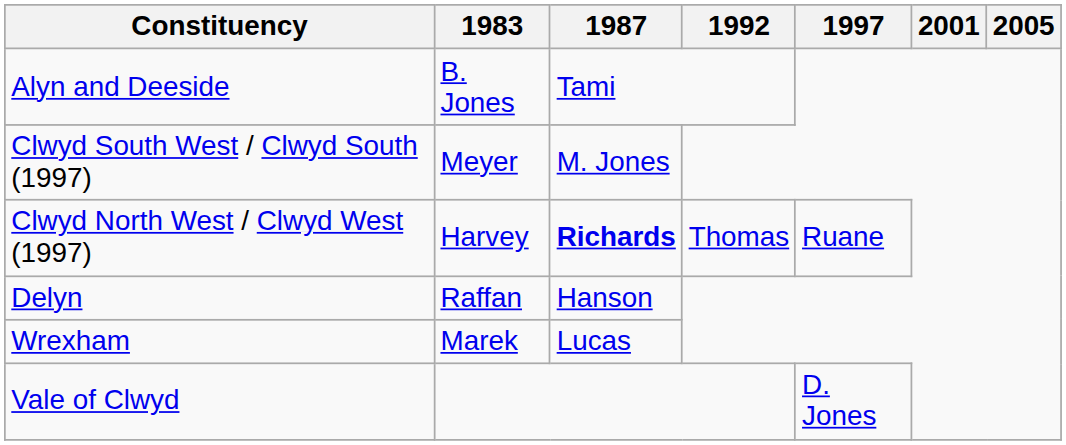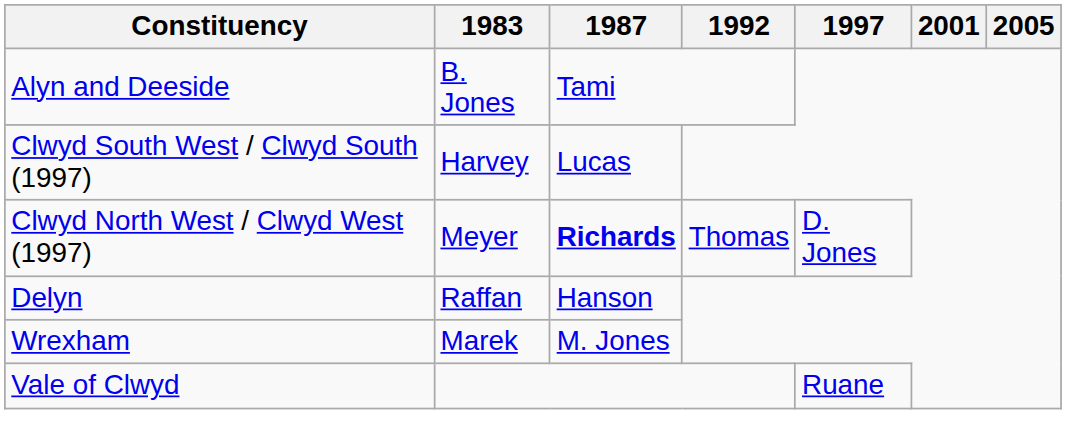 <table class="wikitable">
 <tr>
 <th>Constituency</th>
 <th>1983</th>
 <th>1987</th>
 <th>1992</th>
 <th>1997</th>
 <th>2001</th>
 <th>2005</th>
 </tr>
 <tr>
 <td><a href='#'>Alyn and Deeside</a></td>
 <td><a href='#'>B. Jones</a></td>
 <td colspan="2"><a href='#'>Tami</a></td>
 </tr>
 <tr>
 <td><a href='#'>Clwyd South West</a> / <a href='#'>Clwyd South</a> (1997)</td>
-<td><a href='#'>Meyer</a></td>
-<td><a href='#'>M. Jones</a></td>
+<td><a href='#'>Harvey</a></td>
+<td><a href='#'>Lucas</a></td>
 </tr>
 <tr>
 <td><a href='#'>Clwyd North West</a> / <a href='#'>Clwyd West</a> (1997)</td>
-<td><a href='#'>Harvey</a></td>
+<td><a href='#'>Meyer</a></td>
 <td><strong><a href='#'>Richards</a></strong></td>
 <td><a href='#'>Thomas</a></td>
-<td><a href='#'>Ruane</a></td>
+<td><a href='#'>D. Jones</a></td>
 </tr>
 <tr>
 <td><a href='#'>Delyn</a></td>
 <td><a href='#'>Raffan</a></td>
 <td><a href='#'>Hanson</a></td>
 </tr>
 <tr>
 <td><a href='#'>Wrexham</a></td>
 <td><a href='#'>Marek</a></td>
-<td><a href='#'>Lucas</a></td>
+<td><a href='#'>M. Jones</a></td>
 </tr>
 <tr>
 <td><a href='#'>Vale of Clwyd</a></td>
 <td colspan="3"></td>
-<td><a href='#'>D. Jones</a></td>
+<td><a href='#'>Ruane</a></td>
 </tr>
 </table>
